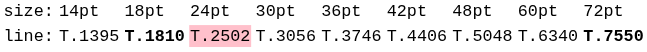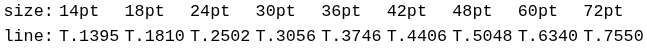 <table style="margin-left:40px;">
 <tr>
 <td>size:</td>
 <td>14pt</td>
 <td>18pt</td>
 <td>24pt</td>
 <td>30pt</td>
 <td>36pt</td>
 <td>42pt</td>
 <td>48pt</td>
 <td>60pt</td>
 <td>72pt</td>
 </tr>
 <tr>
 <td>line:</td>
 <td>T.1395</td>
-<td><strong>T.1810</strong></td>
-<td style="background: pink;">T.2502</td>
+<td>T.1810</td>
+<td>T.2502</td>
 <td>T.3056</td>
 <td>T.3746</td>
 <td>T.4406</td>
 <td>T.5048</td>
 <td>T.6340</td>
-<td><strong>T.7550</strong></td>
+<td>T.7550</td>
 </tr>
 </table>
